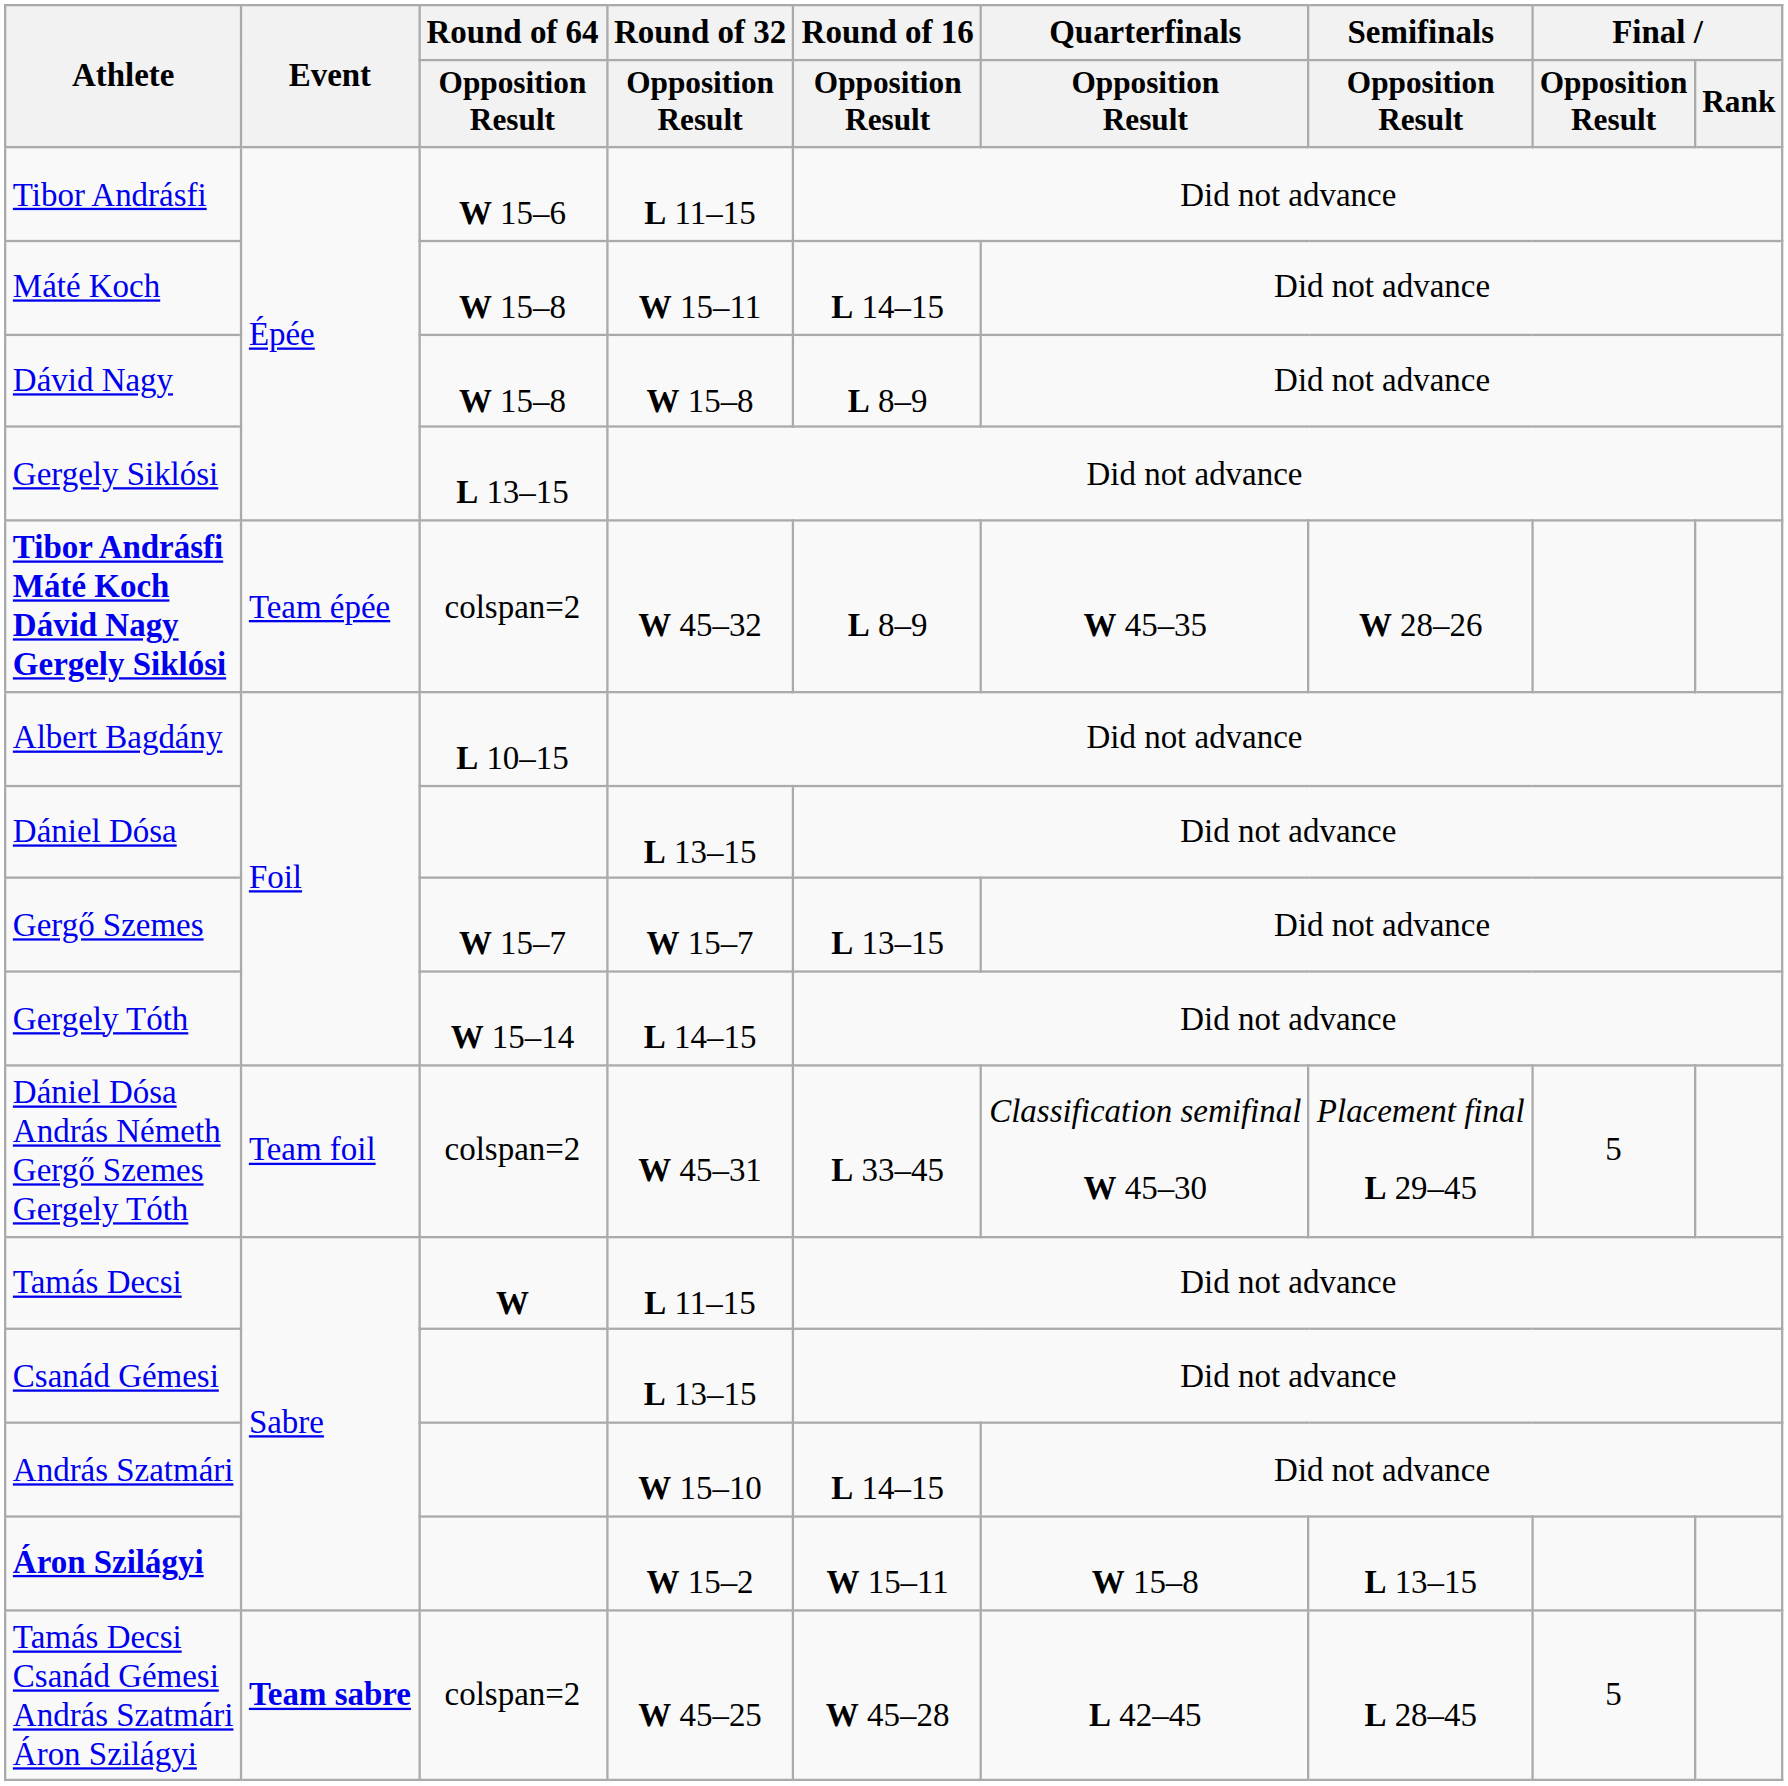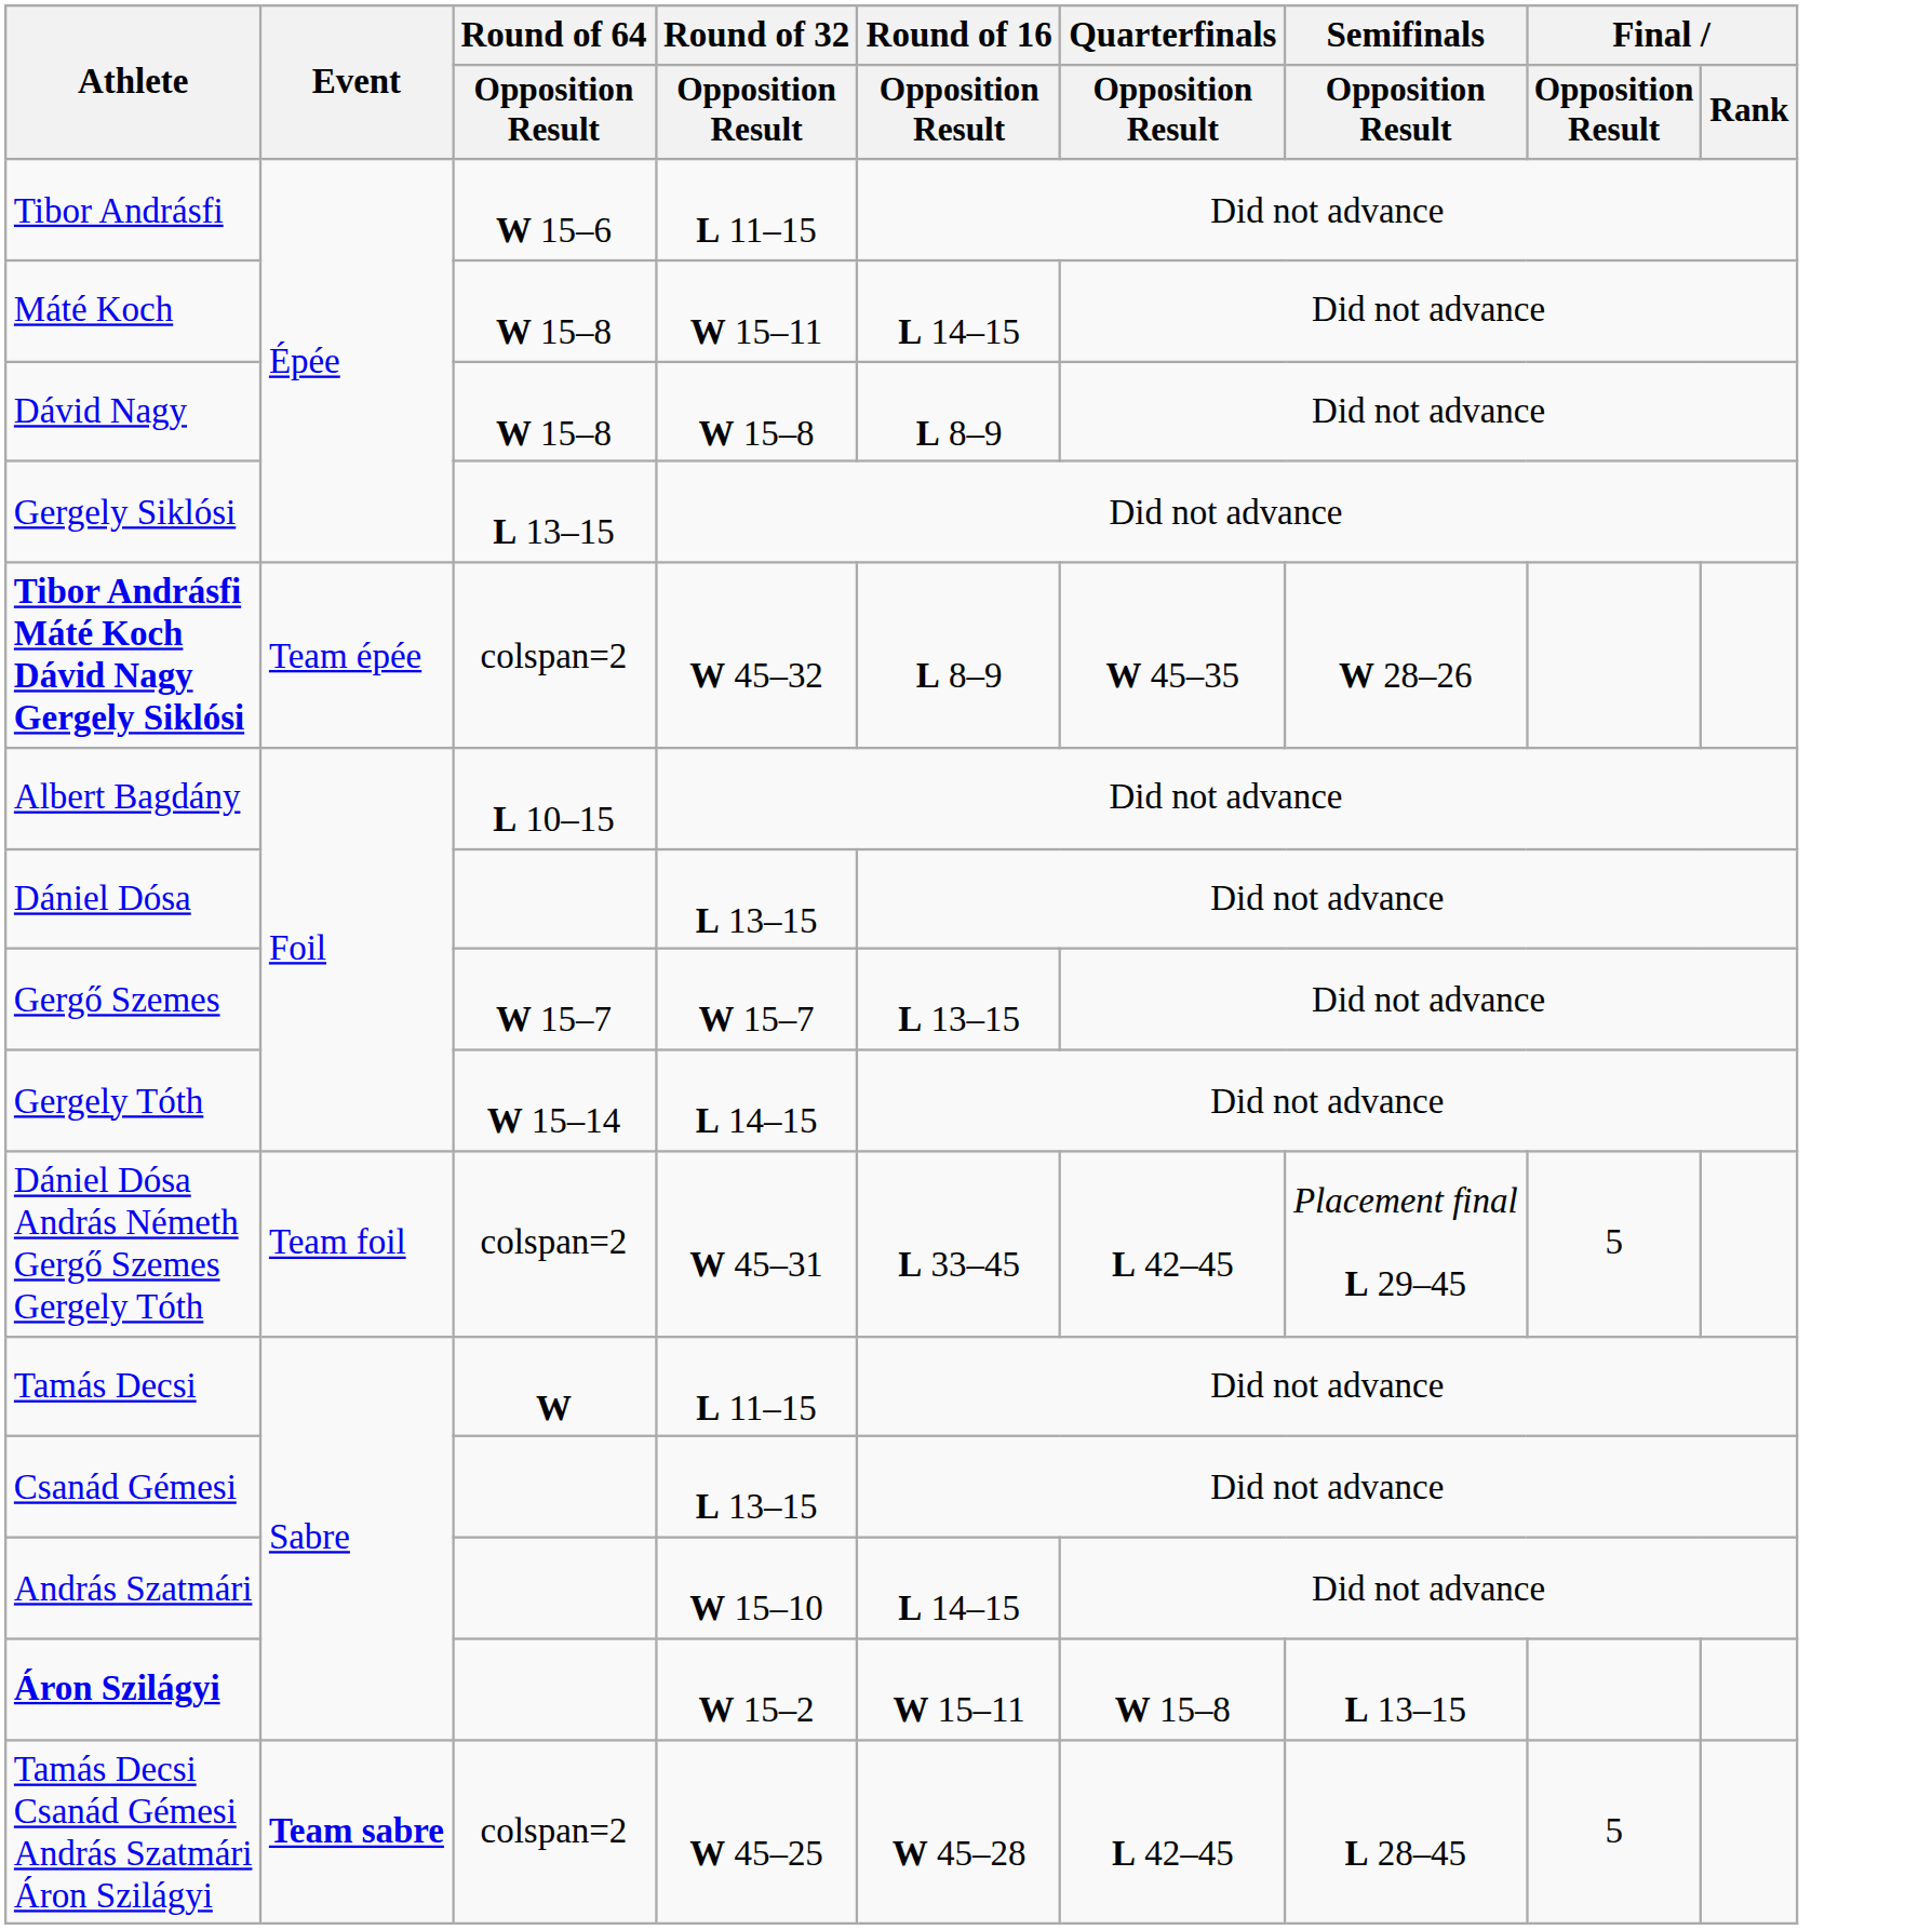 <table class=wikitable style="font-size:90%">
 <tr>
 <th rowspan="2">Athlete</th>
 <th rowspan="2">Event</th>
 <th>Round of 64</th>
 <th>Round of 32</th>
 <th>Round of 16</th>
 <th>Quarterfinals</th>
 <th>Semifinals</th>
 <th colspan="2">Final / </th>
 </tr>
 <tr style="font-size:95%">
 <th>Opposition<br>Result</th>
 <th>Opposition<br>Result</th>
 <th>Opposition<br>Result</th>
 <th>Opposition<br>Result</th>
 <th>Opposition<br>Result</th>
 <th>Opposition<br>Result</th>
 <th>Rank</th>
 </tr>
 <tr align=center>
 <td align=left><a href='#'>Tibor Andrásfi</a></td>
 <td align=left rowspan=4><a href='#'>Épée</a></td>
 <td><br><strong>W</strong> 15–6</td>
 <td><br><strong>L</strong> 11–15</td>
 <td colspan=5>Did not advance</td>
 </tr>
 <tr align=center>
 <td align=left><a href='#'>Máté Koch</a></td>
 <td><br><strong>W</strong> 15–8</td>
 <td><br><strong>W</strong> 15–11</td>
 <td><br><strong>L</strong> 14–15</td>
 <td colspan=4>Did not advance</td>
 </tr>
 <tr align=center>
 <td align=left><a href='#'>Dávid Nagy</a></td>
 <td><br><strong>W</strong> 15–8</td>
 <td><br><strong>W</strong> 15–8</td>
 <td><br><strong>L</strong> 8–9</td>
 <td colspan=4>Did not advance</td>
 </tr>
 <tr align=center>
 <td align=left><a href='#'>Gergely Siklósi</a></td>
 <td><br><strong>L</strong> 13–15</td>
 <td colspan=6>Did not advance</td>
 </tr>
 <tr align=center>
 <td align=left><strong><a href='#'>Tibor Andrásfi</a><br><a href='#'>Máté Koch</a><br><a href='#'>Dávid Nagy</a><br><a href='#'>Gergely Siklósi</a></strong></td>
 <td align=left><a href='#'>Team épée</a></td>
 <td>colspan=2</td>
 <td><br><strong>W</strong> 45–32</td>
 <td><br><strong>L</strong> 8–9</td>
 <td><br><strong>W</strong> 45–35</td>
 <td><br><strong>W</strong> 28–26</td>
 <td></td>
 </tr>
 <tr align=center>
 <td align=left><a href='#'>Albert Bagdány</a></td>
 <td align=left rowspan=4><a href='#'>Foil</a></td>
 <td><br><strong>L</strong> 10–15</td>
 <td colspan=6>Did not advance</td>
 </tr>
 <tr align=center>
 <td align=left><a href='#'>Dániel Dósa</a></td>
 <td></td>
 <td><br><strong>L</strong> 13–15</td>
 <td colspan=5>Did not advance</td>
 </tr>
 <tr align=center>
 <td align=left><a href='#'>Gergő Szemes</a></td>
 <td><br><strong>W</strong> 15–7</td>
 <td><br><strong>W</strong> 15–7</td>
 <td><br><strong>L</strong> 13–15</td>
 <td colspan=4>Did not advance</td>
 </tr>
 <tr align=center>
 <td align=left><a href='#'>Gergely Tóth</a></td>
 <td><br><strong>W</strong> 15–14</td>
 <td><br><strong>L</strong> 14–15</td>
 <td colspan=5>Did not advance</td>
 </tr>
 <tr align=center>
 <td align=left><a href='#'>Dániel Dósa</a><br><a href='#'>András Németh</a><br><a href='#'>Gergő Szemes</a><br><a href='#'>Gergely Tóth</a></td>
 <td align=left><a href='#'>Team foil</a></td>
 <td>colspan=2</td>
 <td><br><strong>W</strong> 45–31</td>
 <td><br><strong>L</strong> 33–45</td>
-<td><em>Classification semifinal</em><br><br><strong>W</strong> 45–30</td>
+<td><br><strong>L</strong> 42–45</td>
 <td><em>Placement final</em><br><br><strong>L</strong> 29–45</td>
 <td>5</td>
 </tr>
 <tr align=center>
 <td align=left><a href='#'>Tamás Decsi</a></td>
 <td align=left rowspan=4><a href='#'>Sabre</a></td>
 <td><br><strong>W</strong> </td>
 <td><br><strong>L</strong> 11–15</td>
 <td colspan=5>Did not advance</td>
 </tr>
 <tr align=center>
 <td align=left><a href='#'>Csanád Gémesi</a></td>
 <td></td>
 <td><br><strong>L</strong> 13–15</td>
 <td colspan=5>Did not advance</td>
 </tr>
 <tr align=center>
 <td align=left><a href='#'>András Szatmári</a></td>
 <td></td>
 <td><br><strong>W</strong> 15–10</td>
 <td><br><strong>L</strong> 14–15</td>
 <td colspan=4>Did not advance</td>
 </tr>
 <tr align=center>
 <td align=left><strong><a href='#'>Áron Szilágyi</a></strong></td>
 <td></td>
 <td><br><strong>W</strong> 15–2</td>
 <td><br><strong>W</strong> 15–11</td>
 <td><br><strong>W</strong> 15–8</td>
 <td><br><strong>L</strong> 13–15</td>
 <td></td>
 <td></td>
 </tr>
 <tr align=center>
 <td align=left><a href='#'>Tamás Decsi</a><br><a href='#'>Csanád Gémesi</a><br><a href='#'>András Szatmári</a><br><a href='#'>Áron Szilágyi</a></td>
 <td align=left><strong><a href='#'>Team sabre</a></strong></td>
 <td>colspan=2</td>
 <td><br><strong>W</strong> 45–25</td>
 <td><br><strong>W</strong> 45–28</td>
 <td><br><strong>L</strong> 42–45</td>
 <td><br><strong>L</strong> 28–45</td>
 <td>5</td>
 </tr>
 </table>
